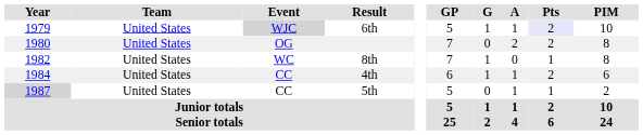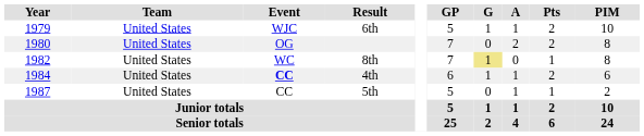 <table border="0" cellpadding="1" cellspacing="0" style="text-align:center; width:50em">
 <tr ALIGN="center" bgcolor="#e0e0e0">
 <th>Year</th>
 <th>Team</th>
 <th>Event</th>
 <th>Result</th>
 <th ALIGN="center" rowspan="99" bgcolor="#ffffff"> </th>
 <th>GP</th>
 <th>G</th>
 <th>A</th>
 <th>Pts</th>
 <th>PIM</th>
 </tr>
 <tr>
 <td><a href='#'>1979</a></td>
 <td><a href='#'>United States</a></td>
-<td style="background: lightgrey;"><a href='#'>WJC</a></td>
+<td><a href='#'>WJC</a></td>
 <td>6th</td>
 <td>5</td>
 <td>1</td>
 <td>1</td>
-<td style="background: lavender;">2</td>
+<td>2</td>
 <td>10</td>
 </tr>
 <tr bgcolor="#f0f0f0">
 <td><a href='#'>1980</a></td>
 <td><a href='#'>United States</a></td>
 <td><a href='#'>OG</a></td>
 <td></td>
 <td>7</td>
 <td>0</td>
 <td>2</td>
 <td>2</td>
 <td>8</td>
 </tr>
 <tr>
 <td><a href='#'>1982</a></td>
 <td>United States</td>
 <td><a href='#'>WC</a></td>
 <td>8th</td>
 <td>7</td>
-<td>1</td>
+<td style="background: khaki;">1</td>
 <td>0</td>
 <td>1</td>
 <td>8</td>
 </tr>
 <tr bgcolor="#f0f0f0">
 <td><a href='#'>1984</a></td>
 <td>United States</td>
-<td><a href='#'>CC</a></td>
+<td><strong><a href='#'>CC</a></strong></td>
 <td>4th</td>
 <td>6</td>
 <td>1</td>
 <td>1</td>
 <td>2</td>
 <td>6</td>
 </tr>
 <tr>
-<td style="background: lightgrey;"><a href='#'>1987</a></td>
+<td><a href='#'>1987</a></td>
 <td>United States</td>
 <td>CC</td>
 <td>5th</td>
 <td>5</td>
 <td>0</td>
 <td>1</td>
 <td>1</td>
 <td>2</td>
 </tr>
 <tr bgcolor="#e0e0e0">
 <th colspan=4>Junior totals</th>
 <th>5</th>
 <th>1</th>
 <th>1</th>
 <th>2</th>
 <th>10</th>
 </tr>
 <tr bgcolor="#e0e0e0">
 <th colspan=4>Senior totals</th>
 <th>25</th>
 <th>2</th>
 <th>4</th>
 <th>6</th>
 <th>24</th>
 </tr>
 </table>
